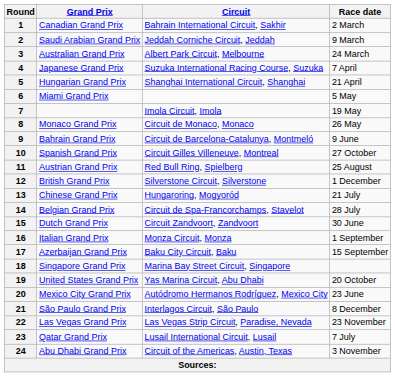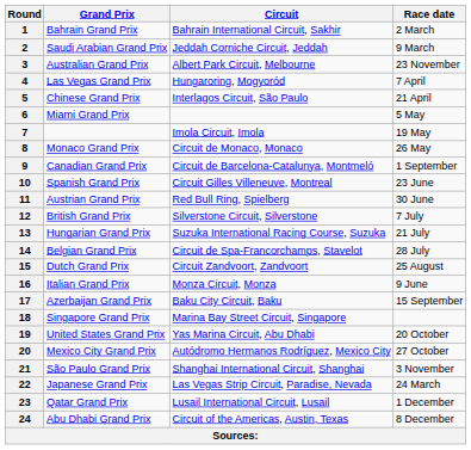 <table class="sortable wikitable" style="font-size: 85%;">
 <tr>
 <th data-sort-type="number">Round</th>
 <th><a href='#'>Grand Prix</a></th>
 <th><a href='#'>Circuit</a></th>
 <th class="unsortable">Race date</th>
 </tr>
 <tr>
 <th>1</th>
-<td><a href='#'>Canadian Grand Prix</a></td>
+<td><a href='#'>Bahrain Grand Prix</a></td>
 <td> <a href='#'>Bahrain International Circuit</a>, <a href='#'>Sakhir</a></td>
 <td>2 March</td>
 </tr>
 <tr>
 <th>2</th>
 <td><a href='#'>Saudi Arabian Grand Prix</a></td>
 <td> <a href='#'>Jeddah Corniche Circuit</a>, <a href='#'>Jeddah</a></td>
 <td>9 March</td>
 </tr>
 <tr>
 <th>3</th>
 <td><a href='#'>Australian Grand Prix</a></td>
 <td> <a href='#'>Albert Park Circuit</a>, <a href='#'>Melbourne</a></td>
-<td>24 March</td>
+<td>23 November</td>
 </tr>
 <tr>
 <th>4</th>
-<td><a href='#'>Japanese Grand Prix</a></td>
-<td> <a href='#'>Suzuka International Racing Course</a>, <a href='#'>Suzuka</a></td>
+<td><a href='#'>Las Vegas Grand Prix</a></td>
+<td> <a href='#'>Hungaroring</a>, <a href='#'>Mogyoród</a></td>
 <td>7 April</td>
 </tr>
 <tr>
 <th>5</th>
-<td><a href='#'>Hungarian Grand Prix</a></td>
-<td> <a href='#'>Shanghai International Circuit</a>, <a href='#'>Shanghai</a></td>
+<td><a href='#'>Chinese Grand Prix</a></td>
+<td> <a href='#'>Interlagos Circuit</a>, <a href='#'>São Paulo</a></td>
 <td>21 April</td>
 </tr>
 <tr>
 <th>6</th>
 <td><a href='#'>Miami Grand Prix</a></td>
 <td></td>
 <td>5 May</td>
 </tr>
 <tr>
 <th>7</th>
 <td></td>
 <td> <a href='#'>Imola Circuit</a>, <a href='#'>Imola</a></td>
 <td>19 May</td>
 </tr>
 <tr>
 <th>8</th>
 <td><a href='#'>Monaco Grand Prix</a></td>
 <td> <a href='#'>Circuit de Monaco</a>, <a href='#'>Monaco</a></td>
 <td>26 May</td>
 </tr>
 <tr>
 <th>9</th>
-<td><a href='#'>Bahrain Grand Prix</a></td>
+<td><a href='#'>Canadian Grand Prix</a></td>
 <td> <a href='#'>Circuit de Barcelona-Catalunya</a>, <a href='#'>Montmeló</a></td>
-<td>9 June</td>
+<td>1 September</td>
 </tr>
 <tr>
 <th>10</th>
 <td><a href='#'>Spanish Grand Prix</a></td>
 <td> <a href='#'>Circuit Gilles Villeneuve</a>, <a href='#'>Montreal</a></td>
-<td>27 October</td>
+<td>23 June</td>
 </tr>
 <tr>
 <th>11</th>
 <td><a href='#'>Austrian Grand Prix</a></td>
 <td> <a href='#'>Red Bull Ring</a>, <a href='#'>Spielberg</a></td>
-<td>25 August</td>
+<td>30 June</td>
 </tr>
 <tr>
 <th>12</th>
 <td><a href='#'>British Grand Prix</a></td>
 <td> <a href='#'>Silverstone Circuit</a>, <a href='#'>Silverstone</a></td>
-<td>1 December</td>
+<td>7 July</td>
 </tr>
 <tr>
 <th>13</th>
-<td><a href='#'>Chinese Grand Prix</a></td>
-<td> <a href='#'>Hungaroring</a>, <a href='#'>Mogyoród</a></td>
+<td><a href='#'>Hungarian Grand Prix</a></td>
+<td> <a href='#'>Suzuka International Racing Course</a>, <a href='#'>Suzuka</a></td>
 <td>21 July</td>
 </tr>
 <tr>
 <th>14</th>
 <td><a href='#'>Belgian Grand Prix</a></td>
 <td> <a href='#'>Circuit de Spa-Francorchamps</a>, <a href='#'>Stavelot</a></td>
 <td>28 July</td>
 </tr>
 <tr>
 <th>15</th>
 <td><a href='#'>Dutch Grand Prix</a></td>
 <td> <a href='#'>Circuit Zandvoort</a>, <a href='#'>Zandvoort</a></td>
-<td>30 June</td>
+<td>25 August</td>
 </tr>
 <tr>
 <th>16</th>
 <td><a href='#'>Italian Grand Prix</a></td>
 <td> <a href='#'>Monza Circuit</a>, <a href='#'>Monza</a></td>
-<td>1 September</td>
+<td>9 June</td>
 </tr>
 <tr>
 <th>17</th>
 <td><a href='#'>Azerbaijan Grand Prix</a></td>
 <td> <a href='#'>Baku City Circuit</a>, <a href='#'>Baku</a></td>
 <td>15 September</td>
 </tr>
 <tr>
 <th>18</th>
 <td><a href='#'>Singapore Grand Prix</a></td>
 <td> <a href='#'>Marina Bay Street Circuit</a>, <a href='#'>Singapore</a></td>
 <td></td>
 </tr>
 <tr>
 <th>19</th>
 <td><a href='#'>United States Grand Prix</a></td>
 <td> <a href='#'>Yas Marina Circuit</a>, <a href='#'>Abu Dhabi</a></td>
 <td>20 October</td>
 </tr>
 <tr>
 <th>20</th>
 <td><a href='#'>Mexico City Grand Prix</a></td>
 <td> <a href='#'>Autódromo Hermanos Rodríguez</a>, <a href='#'>Mexico City</a></td>
-<td>23 June</td>
+<td>27 October</td>
 </tr>
 <tr>
 <th>21</th>
 <td><a href='#'>São Paulo Grand Prix</a></td>
-<td> <a href='#'>Interlagos Circuit</a>, <a href='#'>São Paulo</a></td>
-<td>8 December</td>
+<td> <a href='#'>Shanghai International Circuit</a>, <a href='#'>Shanghai</a></td>
+<td>3 November</td>
 </tr>
 <tr>
 <th>22</th>
-<td><a href='#'>Las Vegas Grand Prix</a></td>
+<td><a href='#'>Japanese Grand Prix</a></td>
 <td> <a href='#'>Las Vegas Strip Circuit</a>, <a href='#'>Paradise, Nevada</a></td>
-<td>23 November</td>
+<td>24 March</td>
 </tr>
 <tr>
 <th>23</th>
 <td><a href='#'>Qatar Grand Prix</a></td>
 <td> <a href='#'>Lusail International Circuit</a>, <a href='#'>Lusail</a></td>
-<td>7 July</td>
+<td>1 December</td>
 </tr>
 <tr>
 <th>24</th>
 <td><a href='#'>Abu Dhabi Grand Prix</a></td>
 <td> <a href='#'>Circuit of the Americas</a>, <a href='#'>Austin, Texas</a></td>
-<td>3 November</td>
+<td>8 December</td>
 </tr>
 <tr class="sortbottom">
 <th colspan="4" align="bottom">Sources:</th>
 </tr>
 </table>
